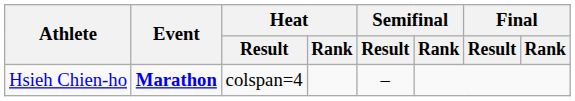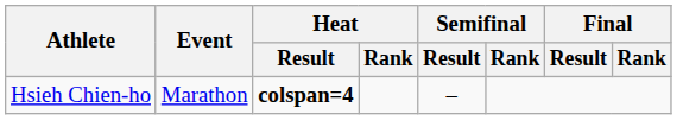 <table class="wikitable" style="font-size:90%">
 <tr>
 <th rowspan="2">Athlete</th>
 <th rowspan="2">Event</th>
 <th colspan="2">Heat</th>
 <th colspan="2">Semifinal</th>
 <th colspan="2">Final</th>
 </tr>
 <tr style="font-size:95%">
 <th>Result</th>
 <th>Rank</th>
 <th>Result</th>
 <th>Rank</th>
 <th>Result</th>
 <th>Rank</th>
 </tr>
 <tr style=text-align:center>
 <td style=text-align:left><a href='#'>Hsieh Chien-ho</a></td>
-<td style=text-align:left><strong><a href='#'>Marathon</a></strong></td>
-<td>colspan=4</td>
+<td style=text-align:left><a href='#'>Marathon</a></td>
+<td><strong>colspan=4</strong></td>
 <td></td>
 <td>–</td>
 </tr>
 </table>
